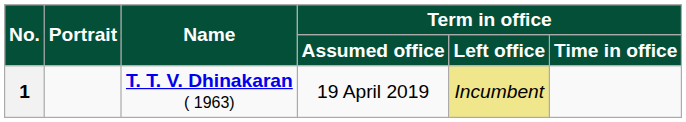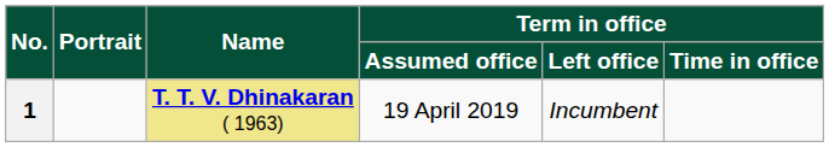 <table class="wikitable sortable" style="text-align:center;">
 <tr>
 <th rowspan=2 style="background-color:#034F38;color:white">No.</th>
 <th rowspan=2 style="background-color:#034F38;color:white">Portrait</th>
 <th rowspan=2 style="background-color:#034F38;color:white">Name<br></th>
 <th colspan=3 style="background-color:#034F38;color:white">Term in office</th>
 </tr>
 <tr>
 <th style="background-color:#034F38;color:white">Assumed office</th>
 <th style="background-color:#034F38;color:white">Left office</th>
 <th style="background-color:#034F38;color:white">Time in office</th>
 </tr>
 <tr>
 <th>1</th>
 <td></td>
-<td><strong><a href='#'>T. T. V. Dhinakaran</a></strong><br><small>( 1963)</small></td>
+<td style="background: khaki;"><strong><a href='#'>T. T. V. Dhinakaran</a></strong><br><small>( 1963)</small></td>
 <td>19 April 2019</td>
-<td style="background: khaki;"><em>Incumbent</em></td>
+<td><em>Incumbent</em></td>
 <td></td>
 </tr>
 </table>
